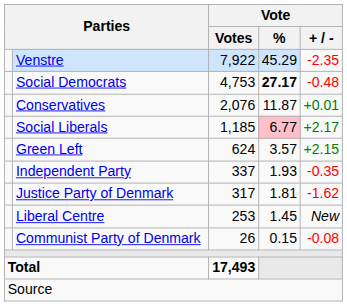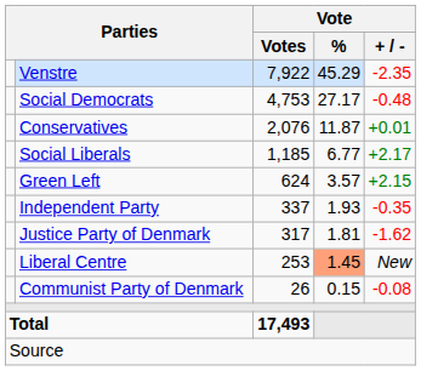 <table class="wikitable" style="text-align:right;">
 <tr>
 <th style="text-align:centre;" rowspan="2" colspan="2" width="225">Parties</th>
 <th colspan="3">Vote</th>
 </tr>
 <tr>
 <th width="15">Votes</th>
 <th width="15">%</th>
 <th width="15">+ / -</th>
 </tr>
 <tr>
 <td width="2" style="color:inherit;background:"></td>
 <td bgcolor=#cfe5fe  align="left"><a href='#'>Venstre</a></td>
 <td bgcolor=#cfe5fe>7,922</td>
 <td bgcolor=#cfe5fe>45.29</td>
 <td style=color:red;>-2.35</td>
 </tr>
 <tr>
 <td width="2" style="color:inherit;background:"></td>
 <td align="left"><a href='#'>Social Democrats</a></td>
 <td>4,753</td>
-<td><strong>27.17</strong></td>
+<td>27.17</td>
 <td style=color:red;>-0.48</td>
 </tr>
 <tr>
 <td width="2" style="color:inherit;background:"></td>
 <td align="left"><a href='#'>Conservatives</a></td>
 <td>2,076</td>
 <td>11.87</td>
 <td style=color:green;>+0.01</td>
 </tr>
 <tr>
 <td width="2" style="color:inherit;background:"></td>
 <td align="left"><a href='#'>Social Liberals</a></td>
 <td>1,185</td>
-<td style="background: pink;">6.77</td>
+<td>6.77</td>
 <td style=color:green;>+2.17</td>
 </tr>
 <tr>
 <td width="2" style="color:inherit;background:"></td>
 <td align="left"><a href='#'>Green Left</a></td>
 <td>624</td>
 <td>3.57</td>
 <td style=color:green;>+2.15</td>
 </tr>
 <tr>
 <td width="2" style="color:inherit;background:"></td>
 <td align="left"><a href='#'>Independent Party</a></td>
 <td>337</td>
 <td>1.93</td>
 <td style=color:red;>-0.35</td>
 </tr>
 <tr>
 <td width="2" style="color:inherit;background:"></td>
 <td align="left"><a href='#'>Justice Party of Denmark</a></td>
 <td>317</td>
 <td>1.81</td>
 <td style=color:red;>-1.62</td>
 </tr>
 <tr>
 <td width="2" style="color:inherit;background:"></td>
 <td align="left"><a href='#'>Liberal Centre</a></td>
 <td>253</td>
-<td>1.45</td>
+<td style="background: lightsalmon;">1.45</td>
 <td><em>New</em></td>
 </tr>
 <tr>
 <td width="2" style="color:inherit;background:"></td>
 <td align="left"><a href='#'>Communist Party of Denmark</a></td>
 <td>26</td>
 <td>0.15</td>
 <td style=color:red;>-0.08</td>
 </tr>
 <tr>
 <td colspan="7" bgcolor="#E9E9E9"></td>
 </tr>
 <tr>
 <td align="left" colspan="2"><strong>Total</strong></td>
 <td><strong>17,493</strong></td>
 <td bgcolor="#E9E9E9" colspan="2"></td>
 </tr>
 <tr>
 <td align="left" colspan="6">Source</td>
 </tr>
 </table>
